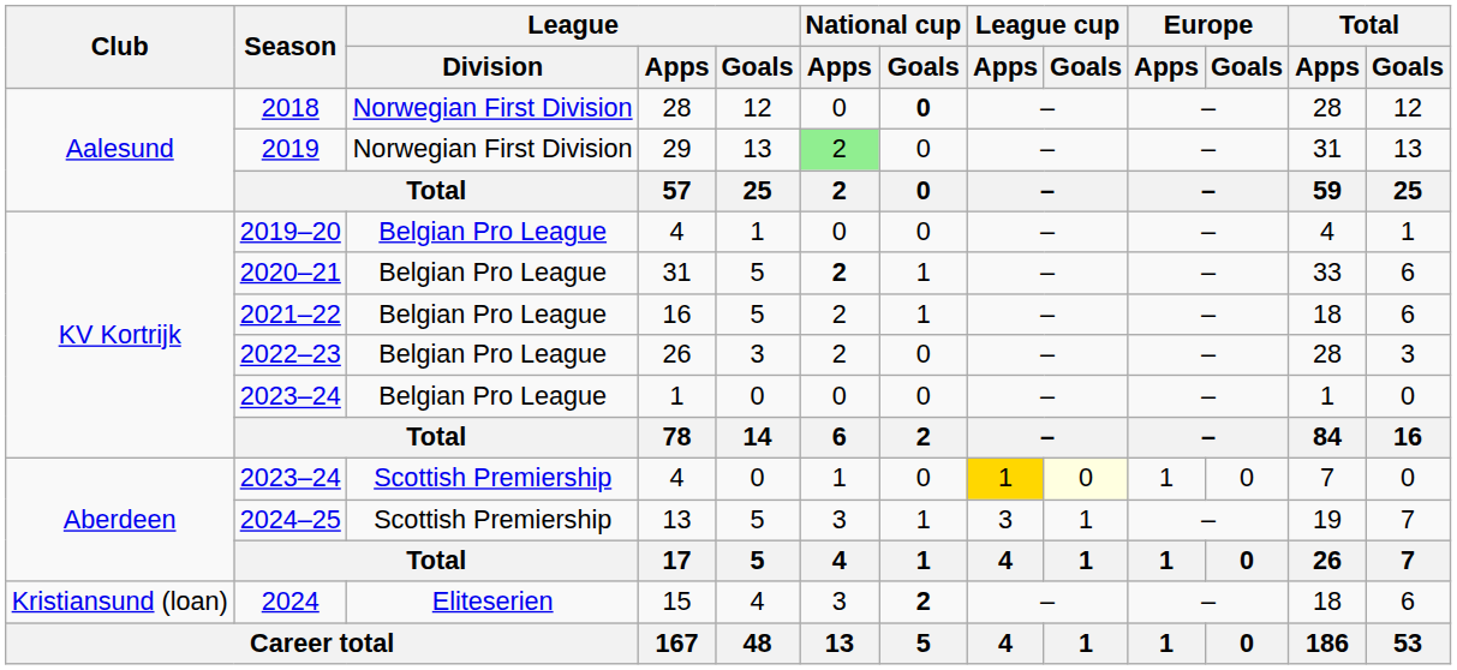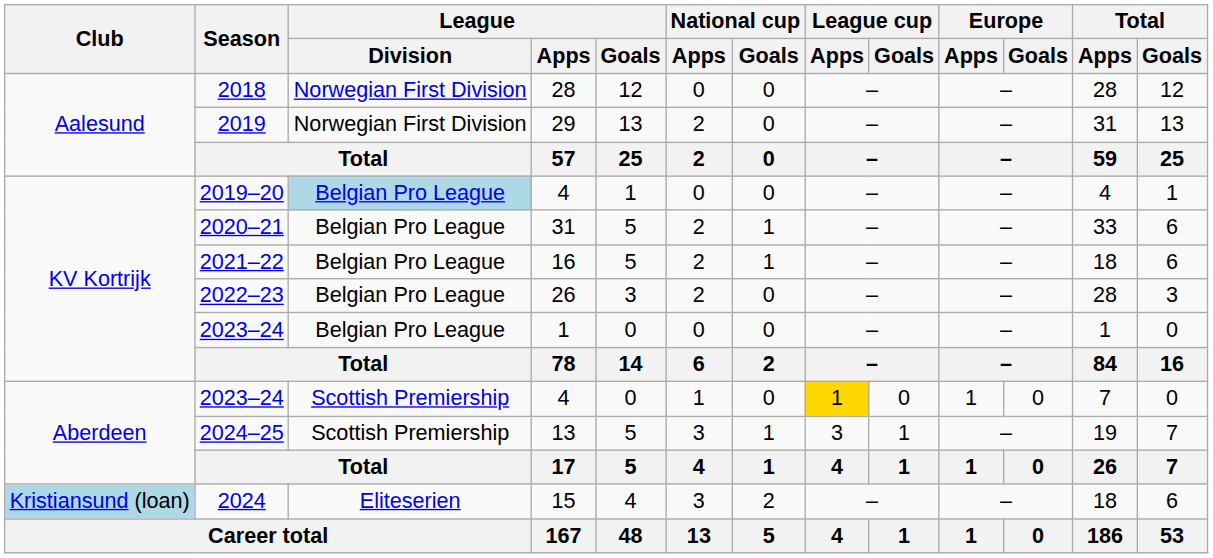 <table class="wikitable" style="text-align:center">
 <tr>
 <th rowspan="2">Club</th>
 <th rowspan="2">Season</th>
 <th colspan="3">League</th>
 <th colspan="2">National cup</th>
 <th colspan="2">League cup</th>
 <th colspan="2">Europe</th>
 <th colspan="2">Total</th>
 </tr>
 <tr>
 <th>Division</th>
 <th>Apps</th>
 <th>Goals</th>
 <th>Apps</th>
 <th>Goals</th>
 <th>Apps</th>
 <th>Goals</th>
 <th>Apps</th>
 <th>Goals</th>
 <th>Apps</th>
 <th>Goals</th>
 </tr>
 <tr>
 <td rowspan="3"><a href='#'>Aalesund</a></td>
 <td><a href='#'>2018</a></td>
 <td><a href='#'>Norwegian First Division</a></td>
 <td>28</td>
 <td>12</td>
 <td>0</td>
-<td><strong>0</strong></td>
+<td>0</td>
 <td colspan="2">–</td>
 <td colspan="2">–</td>
 <td>28</td>
 <td>12</td>
 </tr>
 <tr>
 <td><a href='#'>2019</a></td>
 <td>Norwegian First Division</td>
 <td>29</td>
 <td>13</td>
-<td style="background: lightgreen;">2</td>
+<td>2</td>
 <td>0</td>
 <td colspan="2">–</td>
 <td colspan="2">–</td>
 <td>31</td>
 <td>13</td>
 </tr>
 <tr>
 <th colspan="2">Total</th>
 <th>57</th>
 <th>25</th>
 <th>2</th>
 <th>0</th>
 <th colspan="2">–</th>
 <th colspan="2">–</th>
 <th>59</th>
 <th>25</th>
 </tr>
 <tr>
 <td rowspan="6"><a href='#'>KV Kortrijk</a></td>
 <td><a href='#'>2019–20</a></td>
-<td><a href='#'>Belgian Pro League</a></td>
+<td style="background: lightblue;"><a href='#'>Belgian Pro League</a></td>
 <td>4</td>
 <td>1</td>
 <td>0</td>
 <td>0</td>
 <td colspan="2">–</td>
 <td colspan="2">–</td>
 <td>4</td>
 <td>1</td>
 </tr>
 <tr>
 <td><a href='#'>2020–21</a></td>
 <td>Belgian Pro League</td>
 <td>31</td>
 <td>5</td>
-<td><strong>2</strong></td>
+<td>2</td>
 <td>1</td>
 <td colspan="2">–</td>
 <td colspan="2">–</td>
 <td>33</td>
 <td>6</td>
 </tr>
 <tr>
 <td><a href='#'>2021–22</a></td>
 <td>Belgian Pro League</td>
 <td>16</td>
 <td>5</td>
 <td>2</td>
 <td>1</td>
 <td colspan="2">–</td>
 <td colspan="2">–</td>
 <td>18</td>
 <td>6</td>
 </tr>
 <tr>
 <td><a href='#'>2022–23</a></td>
 <td>Belgian Pro League</td>
 <td>26</td>
 <td>3</td>
 <td>2</td>
 <td>0</td>
 <td colspan="2">–</td>
 <td colspan="2">–</td>
 <td>28</td>
 <td>3</td>
 </tr>
 <tr>
 <td><a href='#'>2023–24</a></td>
 <td>Belgian Pro League</td>
 <td>1</td>
 <td>0</td>
 <td>0</td>
 <td>0</td>
 <td colspan="2">–</td>
 <td colspan="2">–</td>
 <td>1</td>
 <td>0</td>
 </tr>
 <tr>
 <th colspan="2">Total</th>
 <th>78</th>
 <th>14</th>
 <th>6</th>
 <th>2</th>
 <th colspan="2">–</th>
 <th colspan="2">–</th>
 <th>84</th>
 <th>16</th>
 </tr>
 <tr>
 <td rowspan="3"><a href='#'>Aberdeen</a></td>
 <td><a href='#'>2023–24</a></td>
 <td><a href='#'>Scottish Premiership</a></td>
 <td>4</td>
 <td>0</td>
 <td>1</td>
 <td>0</td>
 <td style="background: gold;">1</td>
-<td style="background: lightyellow;">0</td>
+<td>0</td>
 <td>1</td>
 <td>0</td>
 <td>7</td>
 <td>0</td>
 </tr>
 <tr>
 <td><a href='#'>2024–25</a></td>
 <td>Scottish Premiership</td>
 <td>13</td>
 <td>5</td>
 <td>3</td>
 <td>1</td>
 <td>3</td>
 <td>1</td>
 <td colspan="2">–</td>
 <td>19</td>
 <td>7</td>
 </tr>
 <tr>
 <th colspan="2">Total</th>
 <th>17</th>
 <th>5</th>
 <th>4</th>
 <th>1</th>
 <th>4</th>
 <th>1</th>
 <th>1</th>
 <th>0</th>
 <th>26</th>
 <th>7</th>
 </tr>
 <tr>
-<td><a href='#'>Kristiansund</a> (loan)</td>
+<td style="background: lightblue;"><a href='#'>Kristiansund</a> (loan)</td>
 <td><a href='#'>2024</a></td>
 <td><a href='#'>Eliteserien</a></td>
 <td>15</td>
 <td>4</td>
 <td>3</td>
-<td><strong>2</strong></td>
+<td>2</td>
 <td colspan="2">–</td>
 <td colspan="2">–</td>
 <td>18</td>
 <td>6</td>
 </tr>
 <tr>
 <th colspan="3">Career total</th>
 <th>167</th>
 <th>48</th>
 <th>13</th>
 <th>5</th>
 <th>4</th>
 <th>1</th>
 <th>1</th>
 <th>0</th>
 <th>186</th>
 <th>53</th>
 </tr>
 </table>
